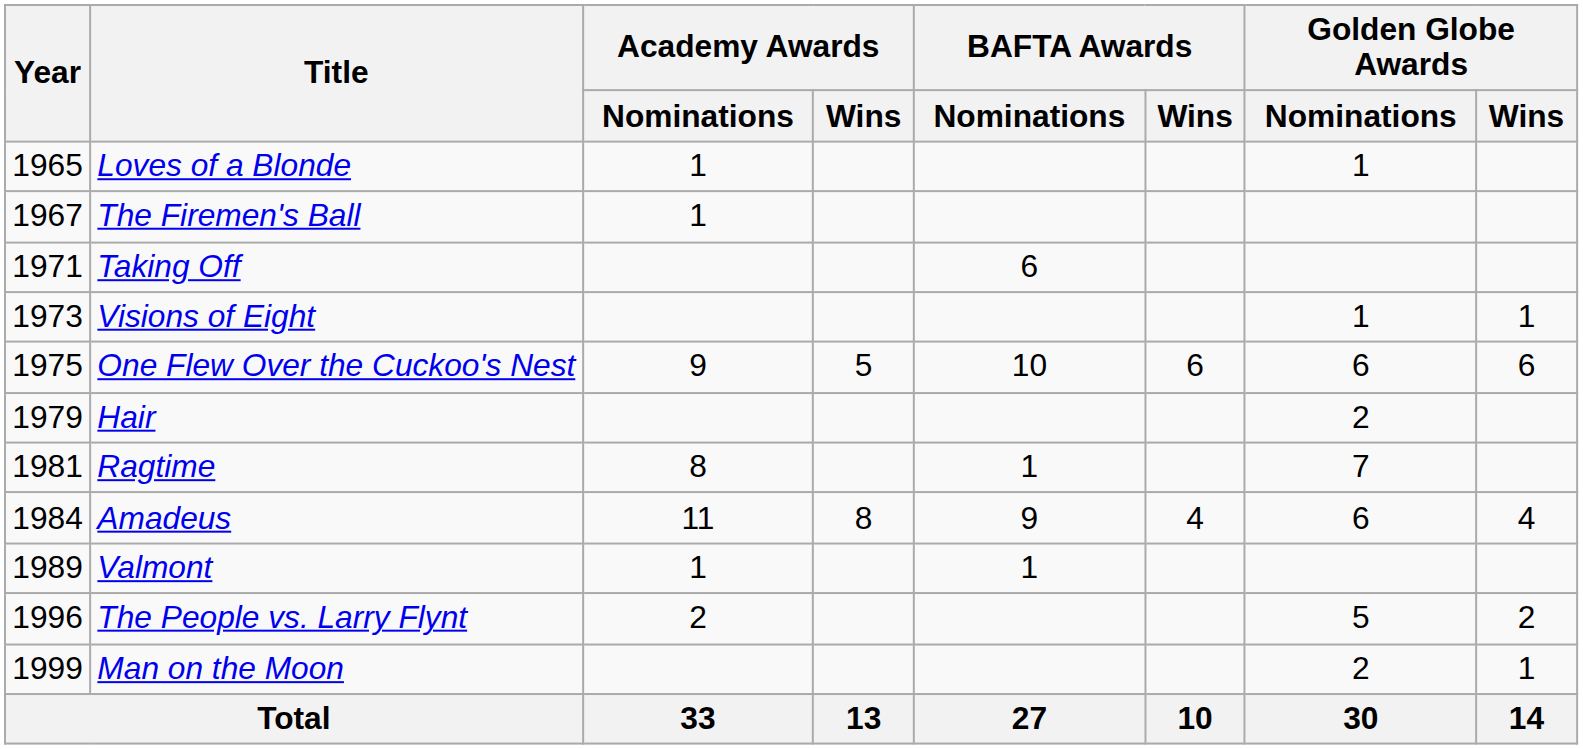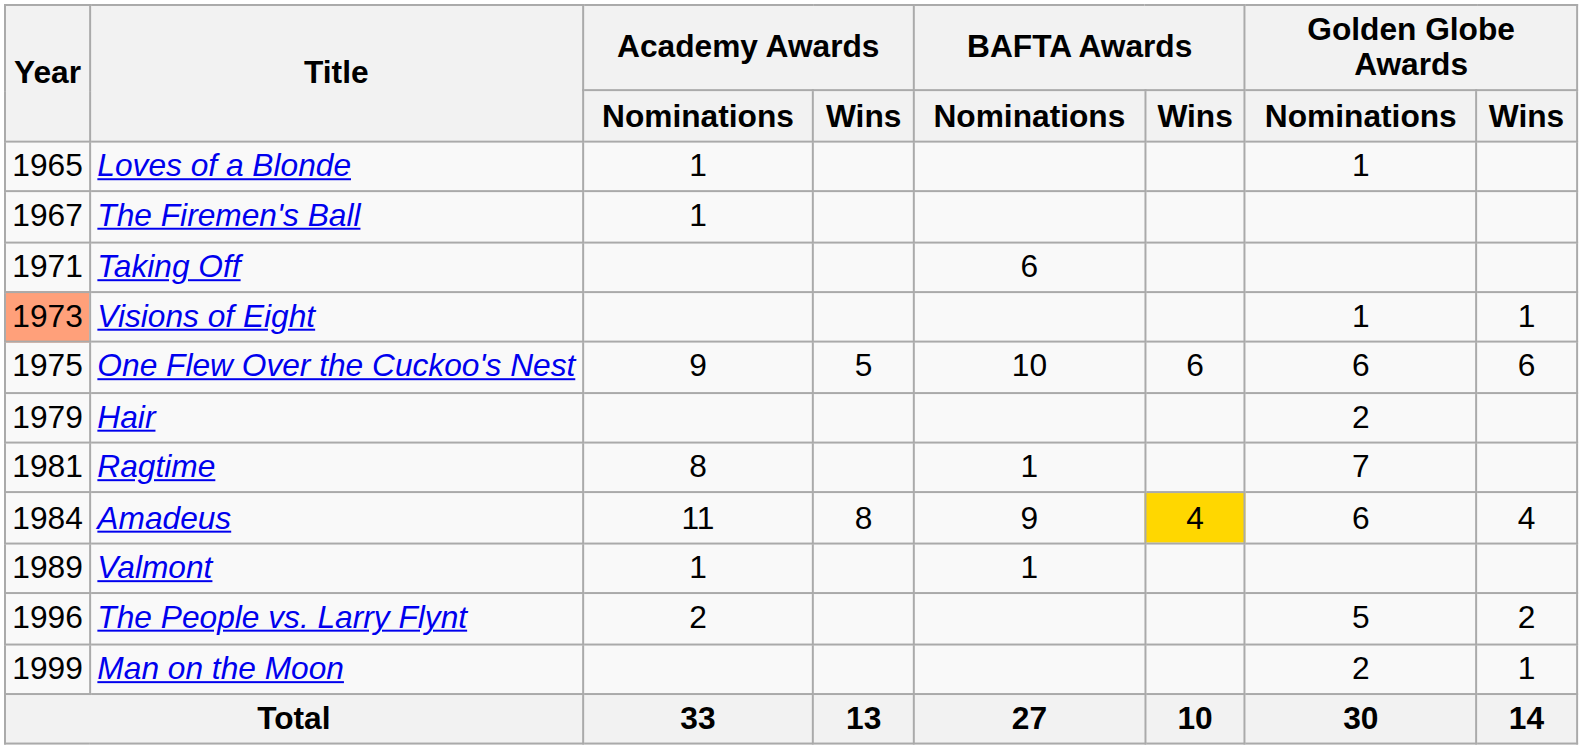 <table class="wikitable">
 <tr>
 <th rowspan="2">Year</th>
 <th rowspan="2">Title</th>
 <th colspan="2" style="text-align:center;" width=160>Academy Awards</th>
 <th colspan="2" style="text-align:center;" width=160>BAFTA Awards</th>
 <th colspan="2" style="text-align:center;" width=160>Golden Globe Awards</th>
 </tr>
 <tr>
 <th>Nominations</th>
 <th>Wins</th>
 <th>Nominations</th>
 <th>Wins</th>
 <th>Nominations</th>
 <th>Wins</th>
 </tr>
 <tr>
 <td>1965</td>
 <td><em><a href='#'>Loves of a Blonde</a></em></td>
 <td style="text-align:center;">1</td>
 <td></td>
 <td></td>
 <td></td>
 <td style="text-align:center;">1</td>
 <td></td>
 </tr>
 <tr>
 <td>1967</td>
 <td><em><a href='#'>The Firemen's Ball</a></em></td>
 <td style="text-align:center;">1</td>
 <td></td>
 <td></td>
 <td></td>
 <td></td>
 <td></td>
 </tr>
 <tr>
 <td>1971</td>
 <td><em><a href='#'>Taking Off</a></em></td>
 <td></td>
 <td></td>
 <td style="text-align:center;">6</td>
 <td></td>
 <td></td>
 <td></td>
 </tr>
 <tr>
-<td>1973</td>
+<td style="background: lightsalmon;">1973</td>
 <td><em><a href='#'>Visions of Eight</a></em></td>
 <td></td>
 <td></td>
 <td></td>
 <td></td>
 <td style="text-align:center;">1</td>
 <td style="text-align:center;">1</td>
 </tr>
 <tr>
 <td>1975</td>
 <td><em><a href='#'>One Flew Over the Cuckoo's Nest</a></em></td>
 <td style="text-align:center;">9</td>
 <td style="text-align:center;">5</td>
 <td style="text-align:center;">10</td>
 <td style="text-align:center;">6</td>
 <td style="text-align:center;">6</td>
 <td style="text-align:center;">6</td>
 </tr>
 <tr>
 <td>1979</td>
 <td><em><a href='#'>Hair</a></em></td>
 <td></td>
 <td></td>
 <td></td>
 <td></td>
 <td style="text-align:center;">2</td>
 <td></td>
 </tr>
 <tr>
 <td>1981</td>
 <td><em><a href='#'>Ragtime</a></em></td>
 <td style="text-align:center;">8</td>
 <td></td>
 <td style="text-align:center;">1</td>
 <td></td>
 <td style="text-align:center;">7</td>
 <td></td>
 </tr>
 <tr>
 <td>1984</td>
 <td><em><a href='#'>Amadeus</a></em></td>
 <td style="text-align:center;">11</td>
 <td style="text-align:center;">8</td>
 <td style="text-align:center;">9</td>
-<td style="text-align:center;">4</td>
+<td style="background: gold; text-align:center;">4</td>
 <td style="text-align:center;">6</td>
 <td style="text-align:center;">4</td>
 </tr>
 <tr>
 <td>1989</td>
 <td><em><a href='#'>Valmont</a></em></td>
 <td style="text-align:center;">1</td>
 <td></td>
 <td style="text-align:center;">1</td>
 <td></td>
 <td></td>
 <td></td>
 </tr>
 <tr>
 <td>1996</td>
 <td><em><a href='#'>The People vs. Larry Flynt</a></em></td>
 <td style="text-align:center;">2</td>
 <td></td>
 <td></td>
 <td></td>
 <td style="text-align:center;">5</td>
 <td style="text-align:center;">2</td>
 </tr>
 <tr>
 <td>1999</td>
 <td><em><a href='#'>Man on the Moon</a></em></td>
 <td></td>
 <td></td>
 <td></td>
 <td></td>
 <td style="text-align:center;">2</td>
 <td style="text-align:center;">1</td>
 </tr>
 <tr>
 <th colspan="2">Total</th>
 <th align=center>33</th>
 <th align=center>13</th>
 <th align=center>27</th>
 <th align=center>10</th>
 <th align=center>30</th>
 <th align=center>14</th>
 </tr>
 </table>
